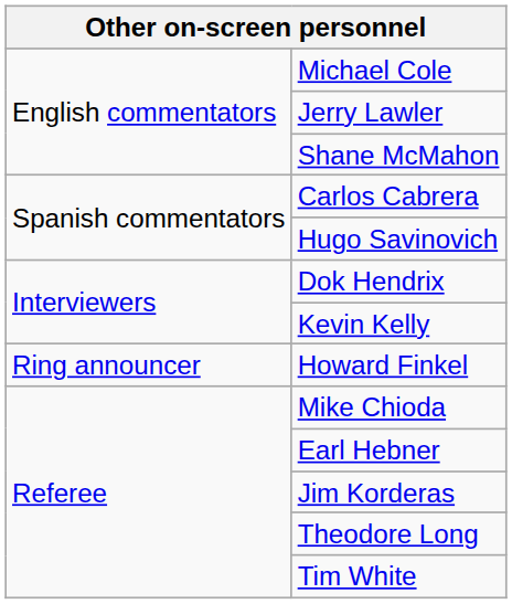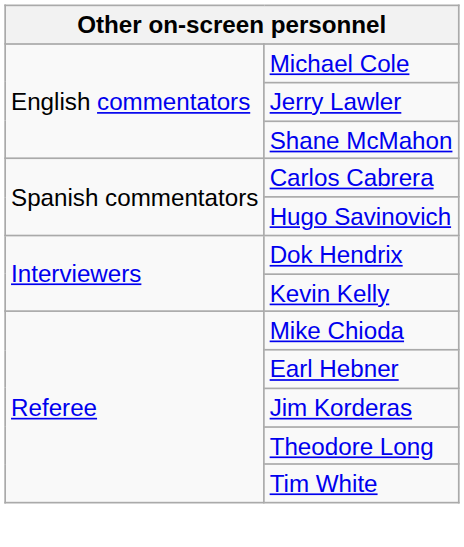 <table align="right" class="wikitable" style="border:1px; font-size:90%; margin-left:1em;">
 <tr>
 <th colspan=2 width=250><strong>Other on-screen personnel</strong></th>
 </tr>
 <tr>
 <td rowspan=3>English <a href='#'>commentators</a></td>
 <td><a href='#'>Michael Cole</a></td>
 </tr>
 <tr>
 <td><a href='#'>Jerry Lawler</a></td>
 </tr>
 <tr>
 <td><a href='#'>Shane McMahon</a> </td>
 </tr>
 <tr>
 <td rowspan=2>Spanish commentators</td>
 <td><a href='#'>Carlos Cabrera</a></td>
 </tr>
 <tr>
 <td><a href='#'>Hugo Savinovich</a></td>
 </tr>
 <tr>
 <td rowspan=2><a href='#'>Interviewers</a></td>
 <td><a href='#'>Dok Hendrix</a></td>
 </tr>
 <tr>
 <td><a href='#'>Kevin Kelly</a> </td>
 </tr>
 <tr>
-<td rowspan=1><a href='#'>Ring announcer</a></td>
-<td><a href='#'>Howard Finkel</a></td>
-</tr>
-<tr>
 <td rowspan=5><a href='#'>Referee</a></td>
 <td><a href='#'>Mike Chioda</a></td>
 </tr>
 <tr>
 <td><a href='#'>Earl Hebner</a></td>
 </tr>
 <tr>
 <td><a href='#'>Jim Korderas</a></td>
 </tr>
 <tr>
 <td><a href='#'>Theodore Long</a></td>
 </tr>
 <tr>
 <td><a href='#'>Tim White</a></td>
 </tr>
 </table>
